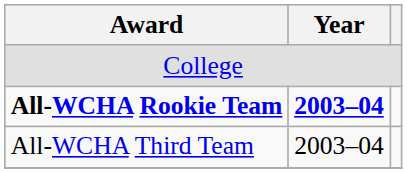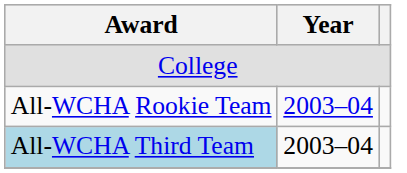 <table class="wikitable">
 <tr>
 <th>Award</th>
 <th>Year</th>
 <th></th>
 </tr>
 <tr ALIGN="center" bgcolor="#e0e0e0">
 <td colspan="3"><a href='#'>College</a></td>
 </tr>
 <tr>
-<td><strong>All-<a href='#'>WCHA</a> <a href='#'>Rookie Team</a></strong></td>
-<td><strong><a href='#'>2003–04</a></strong></td>
+<td>All-<a href='#'>WCHA</a> <a href='#'>Rookie Team</a></td>
+<td><a href='#'>2003–04</a></td>
 <td></td>
 </tr>
 <tr>
-<td>All-<a href='#'>WCHA</a> <a href='#'>Third Team</a></td>
+<td style="background: lightblue;">All-<a href='#'>WCHA</a> <a href='#'>Third Team</a></td>
 <td>2003–04</td>
 <td></td>
 </tr>
 <tr>
 </tr>
 </table>
